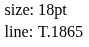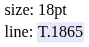 <table style="margin-left:40px;">
 <tr>
 <td>size:</td>
 <td>18pt</td>
 </tr>
 <tr>
 <td>line:</td>
-<td>T.1865</td>
+<td style="background: lavender;">T.1865</td>
 </tr>
 </table>
